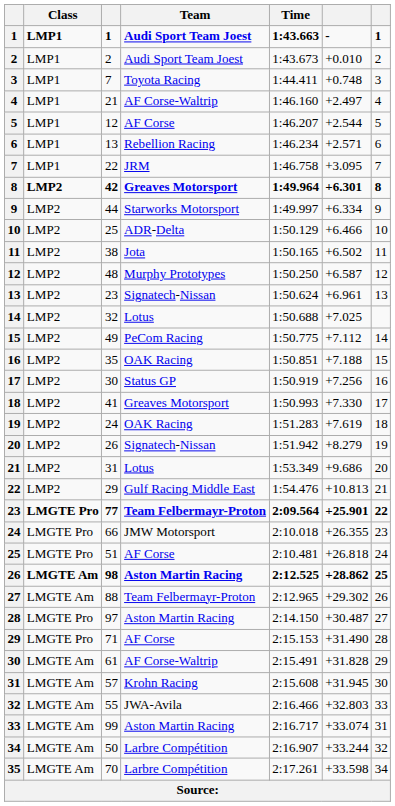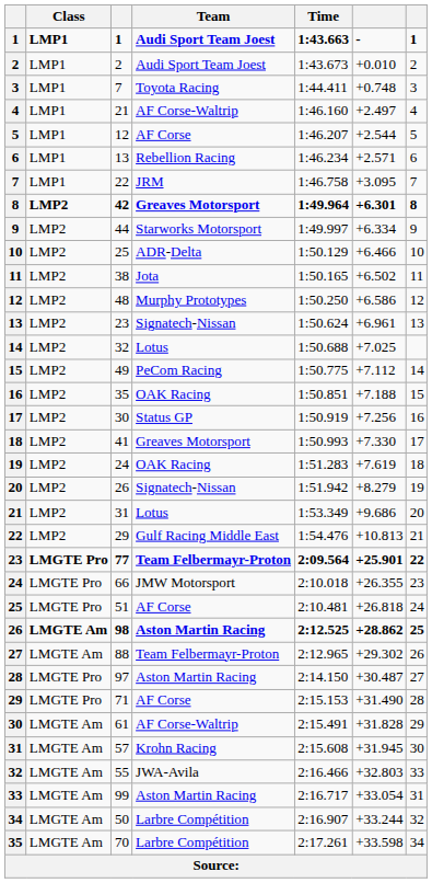 <table class="wikitable" style="font-size:85%;">
 <tr>
 <th></th>
 <th>Class</th>
 <th></th>
 <th>Team</th>
 <th>Time</th>
 <th></th>
 <th></th>
 </tr>
 <tr style="font-weight:bold">
 <th>1</th>
 <td>LMP1</td>
 <td>1</td>
 <td> <a href='#'>Audi Sport Team Joest</a></td>
 <td>1:43.663</td>
 <td>-</td>
 <td>1</td>
 </tr>
 <tr>
 <th>2</th>
 <td>LMP1</td>
 <td>2</td>
 <td> <a href='#'>Audi Sport Team Joest</a></td>
 <td>1:43.673</td>
 <td>+0.010</td>
 <td>2</td>
 </tr>
 <tr>
 <th>3</th>
 <td>LMP1</td>
 <td>7</td>
 <td> <a href='#'>Toyota Racing</a></td>
 <td>1:44.411</td>
 <td>+0.748</td>
 <td>3</td>
 </tr>
 <tr>
 <th>4</th>
 <td>LMP1</td>
 <td>21</td>
 <td> <a href='#'>AF Corse-Waltrip</a></td>
 <td>1:46.160</td>
 <td>+2.497</td>
 <td>4</td>
 </tr>
 <tr>
 <th>5</th>
 <td>LMP1</td>
 <td>12</td>
 <td> <a href='#'>AF Corse</a></td>
 <td>1:46.207</td>
 <td>+2.544</td>
 <td>5</td>
 </tr>
 <tr>
 <th>6</th>
 <td>LMP1</td>
 <td>13</td>
 <td> <a href='#'>Rebellion Racing</a></td>
 <td>1:46.234</td>
 <td>+2.571</td>
 <td>6</td>
 </tr>
 <tr>
 <th>7</th>
 <td>LMP1</td>
 <td>22</td>
 <td> <a href='#'>JRM</a></td>
 <td>1:46.758</td>
 <td>+3.095</td>
 <td>7</td>
 </tr>
 <tr style="font-weight:bold">
 <th>8</th>
 <td>LMP2</td>
 <td>42</td>
 <td> <a href='#'>Greaves Motorsport</a></td>
 <td>1:49.964</td>
 <td>+6.301</td>
 <td>8</td>
 </tr>
 <tr>
 <th>9</th>
 <td>LMP2</td>
 <td>44</td>
 <td> <a href='#'>Starworks Motorsport</a></td>
 <td>1:49.997</td>
 <td>+6.334</td>
 <td>9</td>
 </tr>
 <tr>
 <th>10</th>
 <td>LMP2</td>
 <td>25</td>
 <td> <a href='#'>ADR</a>-<a href='#'>Delta</a></td>
 <td>1:50.129</td>
 <td>+6.466</td>
 <td>10</td>
 </tr>
 <tr>
 <th>11</th>
 <td>LMP2</td>
 <td>38</td>
 <td> <a href='#'>Jota</a></td>
 <td>1:50.165</td>
 <td>+6.502</td>
 <td>11</td>
 </tr>
 <tr>
 <th>12</th>
 <td>LMP2</td>
 <td>48</td>
 <td> <a href='#'>Murphy Prototypes</a></td>
 <td>1:50.250</td>
-<td>+6.587</td>
+<td>+6.586</td>
 <td>12</td>
 </tr>
 <tr>
 <th>13</th>
 <td>LMP2</td>
 <td>23</td>
 <td> <a href='#'>Signatech</a>-<a href='#'>Nissan</a></td>
 <td>1:50.624</td>
 <td>+6.961</td>
 <td>13</td>
 </tr>
 <tr>
 <th>14</th>
 <td>LMP2</td>
 <td>32</td>
 <td> <a href='#'>Lotus</a></td>
 <td>1:50.688</td>
 <td>+7.025</td>
 <td></td>
 </tr>
 <tr>
 <th>15</th>
 <td>LMP2</td>
 <td>49</td>
 <td> <a href='#'>PeCom Racing</a></td>
 <td>1:50.775</td>
 <td>+7.112</td>
 <td>14</td>
 </tr>
 <tr>
 <th>16</th>
 <td>LMP2</td>
 <td>35</td>
 <td> <a href='#'>OAK Racing</a></td>
 <td>1:50.851</td>
 <td>+7.188</td>
 <td>15</td>
 </tr>
 <tr>
 <th>17</th>
 <td>LMP2</td>
 <td>30</td>
 <td> <a href='#'>Status GP</a></td>
 <td>1:50.919</td>
 <td>+7.256</td>
 <td>16</td>
 </tr>
 <tr>
 <th>18</th>
 <td>LMP2</td>
 <td>41</td>
 <td> <a href='#'>Greaves Motorsport</a></td>
 <td>1:50.993</td>
 <td>+7.330</td>
 <td>17</td>
 </tr>
 <tr>
 <th>19</th>
 <td>LMP2</td>
 <td>24</td>
 <td> <a href='#'>OAK Racing</a></td>
 <td>1:51.283</td>
 <td>+7.619</td>
 <td>18</td>
 </tr>
 <tr>
 <th>20</th>
 <td>LMP2</td>
 <td>26</td>
 <td> <a href='#'>Signatech</a>-<a href='#'>Nissan</a></td>
 <td>1:51.942</td>
 <td>+8.279</td>
 <td>19</td>
 </tr>
 <tr>
 <th>21</th>
 <td>LMP2</td>
 <td>31</td>
 <td> <a href='#'>Lotus</a></td>
 <td>1:53.349</td>
 <td>+9.686</td>
 <td>20</td>
 </tr>
 <tr>
 <th>22</th>
 <td>LMP2</td>
 <td>29</td>
 <td> <a href='#'>Gulf Racing Middle East</a></td>
 <td>1:54.476</td>
 <td>+10.813</td>
 <td>21</td>
 </tr>
 <tr style="font-weight:bold">
 <th>23</th>
 <td>LMGTE Pro</td>
 <td>77</td>
 <td> <a href='#'>Team Felbermayr-Proton</a></td>
 <td>2:09.564</td>
 <td>+25.901</td>
 <td>22</td>
 </tr>
 <tr>
 <th>24</th>
 <td>LMGTE Pro</td>
 <td>66</td>
 <td> JMW Motorsport</td>
 <td>2:10.018</td>
 <td>+26.355</td>
 <td>23</td>
 </tr>
 <tr>
 <th>25</th>
 <td>LMGTE Pro</td>
 <td>51</td>
 <td> <a href='#'>AF Corse</a></td>
 <td>2:10.481</td>
 <td>+26.818</td>
 <td>24</td>
 </tr>
 <tr style="font-weight:bold">
 <th>26</th>
 <td>LMGTE Am</td>
 <td>98</td>
 <td> <a href='#'>Aston Martin Racing</a></td>
 <td>2:12.525</td>
 <td>+28.862</td>
 <td>25</td>
 </tr>
 <tr>
 <th>27</th>
 <td>LMGTE Am</td>
 <td>88</td>
 <td> <a href='#'>Team Felbermayr-Proton</a></td>
 <td>2:12.965</td>
 <td>+29.302</td>
 <td>26</td>
 </tr>
 <tr>
 <th>28</th>
 <td>LMGTE Pro</td>
 <td>97</td>
 <td> <a href='#'>Aston Martin Racing</a></td>
 <td>2:14.150</td>
 <td>+30.487</td>
 <td>27</td>
 </tr>
 <tr>
 <th>29</th>
 <td>LMGTE Pro</td>
 <td>71</td>
 <td> <a href='#'>AF Corse</a></td>
 <td>2:15.153</td>
 <td>+31.490</td>
 <td>28</td>
 </tr>
 <tr>
 <th>30</th>
 <td>LMGTE Am</td>
 <td>61</td>
 <td> <a href='#'>AF Corse-Waltrip</a></td>
 <td>2:15.491</td>
 <td>+31.828</td>
 <td>29</td>
 </tr>
 <tr>
 <th>31</th>
 <td>LMGTE Am</td>
 <td>57</td>
 <td> <a href='#'>Krohn Racing</a></td>
 <td>2:15.608</td>
 <td>+31.945</td>
 <td>30</td>
 </tr>
 <tr>
 <th>32</th>
 <td>LMGTE Am</td>
 <td>55</td>
 <td> JWA-Avila</td>
 <td>2:16.466</td>
 <td>+32.803</td>
 <td>33</td>
 </tr>
 <tr>
 <th>33</th>
 <td>LMGTE Am</td>
 <td>99</td>
 <td> <a href='#'>Aston Martin Racing</a></td>
 <td>2:16.717</td>
-<td>+33.074</td>
+<td>+33.054</td>
 <td>31</td>
 </tr>
 <tr>
 <th>34</th>
 <td>LMGTE Am</td>
 <td>50</td>
 <td> <a href='#'>Larbre Compétition</a></td>
 <td>2:16.907</td>
 <td>+33.244</td>
 <td>32</td>
 </tr>
 <tr>
 <th>35</th>
 <td>LMGTE Am</td>
 <td>70</td>
 <td> <a href='#'>Larbre Compétition</a></td>
 <td>2:17.261</td>
 <td>+33.598</td>
 <td>34</td>
 </tr>
 <tr>
 <th colspan="7">Source:</th>
 </tr>
 </table>
